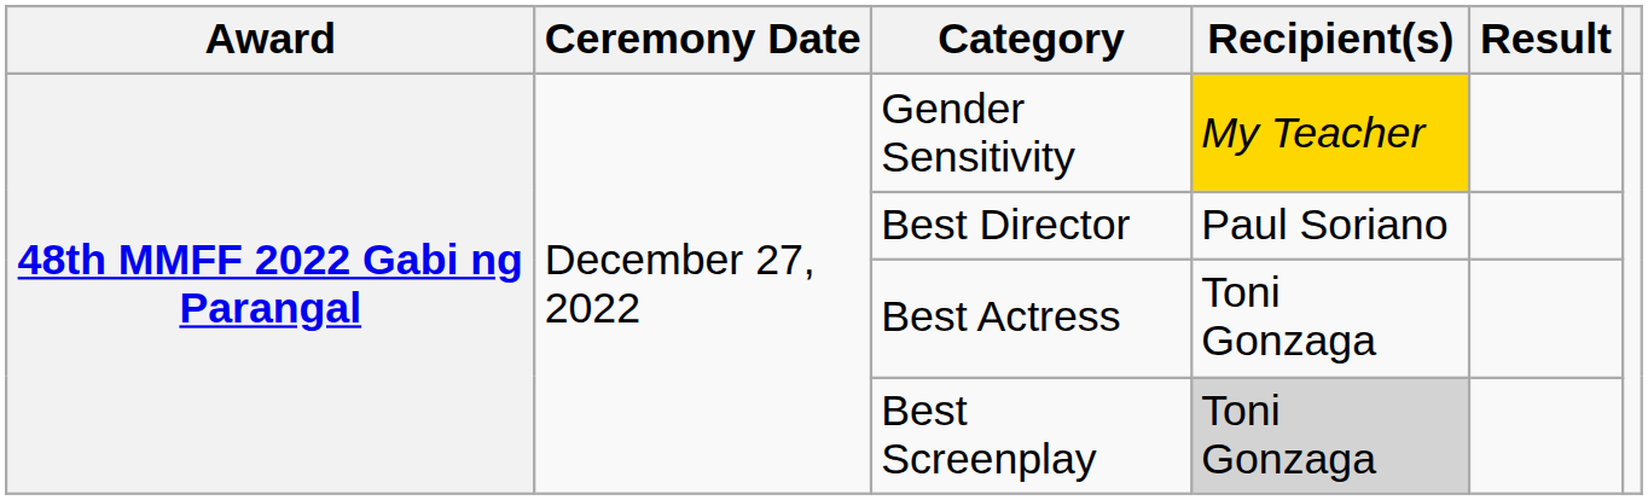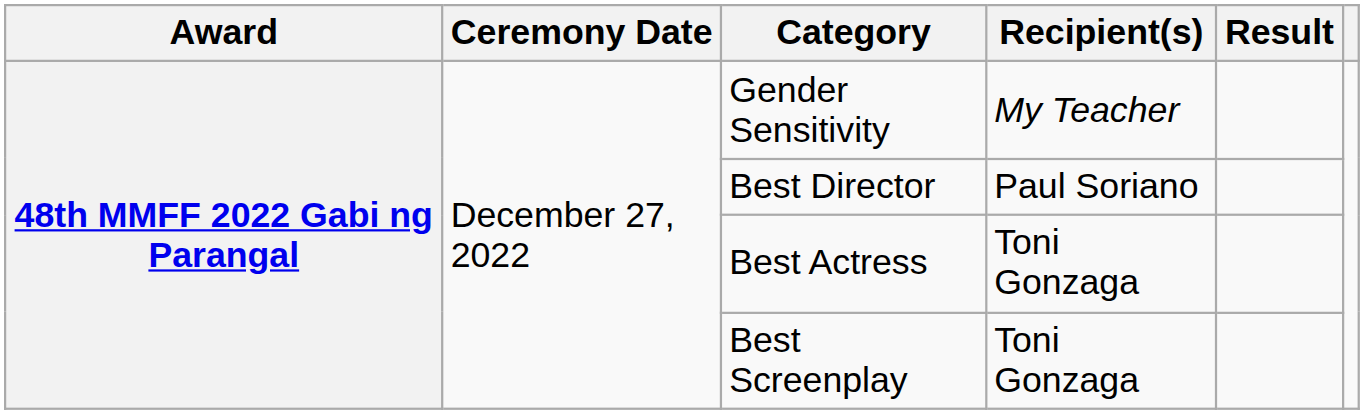 <table class="wikitable plainrowheaders sortable">
 <tr>
 <th>Award</th>
 <th>Ceremony Date</th>
 <th>Category</th>
 <th>Recipient(s)</th>
 <th>Result</th>
 <th class="unsortable"></th>
 </tr>
 <tr>
 <th scope="row" style="text-align:center;" rowspan="4"><a href='#'>48th MMFF 2022 Gabi ng Parangal</a></th>
 <td rowspan="4">December 27, 2022</td>
 <td>Gender Sensitivity</td>
-<td style="background: gold;"><em>My Teacher</em></td>
+<td><em>My Teacher</em></td>
 <td></td>
 <td style="text-align:center;" rowspan="4"></td>
 </tr>
 <tr>
 <td>Best Director</td>
 <td>Paul Soriano</td>
 <td></td>
 </tr>
 <tr>
 <td>Best Actress</td>
 <td>Toni Gonzaga</td>
 <td></td>
 </tr>
 <tr>
 <td>Best Screenplay</td>
-<td style="background: lightgrey;">Toni Gonzaga</td>
+<td>Toni Gonzaga</td>
 <td></td>
 </tr>
 </table>
